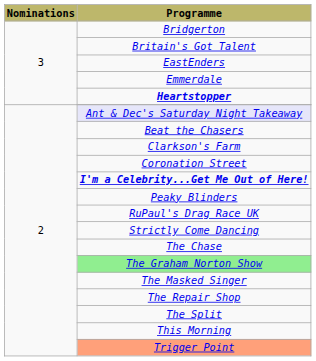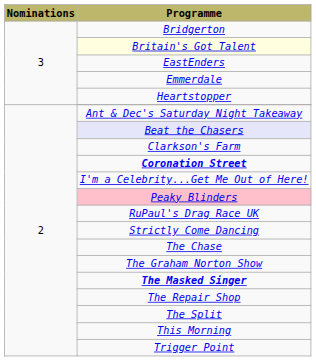 <table class="wikitable" style="text-align:center;">
 <tr>
 <th style="background:#BDB76B;">Nominations</th>
 <th style="background:#BDB76B;">Programme</th>
 </tr>
 <tr>
 <td rowspan="5">3</td>
 <td><em><a href='#'>Bridgerton</a></em></td>
 </tr>
 <tr>
-<td><em><a href='#'>Britain's Got Talent</a></em></td>
+<td style="background: lightyellow;"><em><a href='#'>Britain's Got Talent</a></em></td>
 </tr>
 <tr>
 <td><em><a href='#'>EastEnders</a></em></td>
 </tr>
 <tr>
 <td><em><a href='#'>Emmerdale</a></em></td>
 </tr>
 <tr>
-<td><strong><em><a href='#'>Heartstopper</a></em></strong></td>
+<td><em><a href='#'>Heartstopper</a></em></td>
 </tr>
 <tr>
 <td rowspan="16">2</td>
 </tr>
 <tr>
-<td style="background: lavender;"><em><a href='#'>Ant & Dec's Saturday Night Takeaway</a></em></td>
+<td><em><a href='#'>Ant & Dec's Saturday Night Takeaway</a></em></td>
 </tr>
 <tr>
-<td><em><a href='#'>Beat the Chasers</a></em></td>
+<td style="background: lavender;"><em><a href='#'>Beat the Chasers</a></em></td>
 </tr>
 <tr>
 <td><em><a href='#'>Clarkson's Farm</a></em></td>
 </tr>
 <tr>
-<td><em><a href='#'>Coronation Street</a></em></td>
+<td><strong><em><a href='#'>Coronation Street</a></em></strong></td>
 </tr>
 <tr>
-<td><strong><em><a href='#'>I'm a Celebrity...Get Me Out of Here!</a></em></strong></td>
+<td><em><a href='#'>I'm a Celebrity...Get Me Out of Here!</a></em></td>
 </tr>
 <tr>
-<td><em><a href='#'>Peaky Blinders</a></em></td>
+<td style="background: pink;"><em><a href='#'>Peaky Blinders</a></em></td>
 </tr>
 <tr>
 <td><em><a href='#'>RuPaul's Drag Race UK</a></em></td>
 </tr>
 <tr>
 <td><em><a href='#'>Strictly Come Dancing</a></em></td>
 </tr>
 <tr>
 <td><em><a href='#'>The Chase</a></em></td>
 </tr>
 <tr>
-<td style="background: lightgreen;"><em><a href='#'>The Graham Norton Show</a></em></td>
+<td><em><a href='#'>The Graham Norton Show</a></em></td>
 </tr>
 <tr>
-<td><em><a href='#'>The Masked Singer</a></em></td>
+<td><strong><em><a href='#'>The Masked Singer</a></em></strong></td>
 </tr>
 <tr>
 <td><em><a href='#'>The Repair Shop</a></em></td>
 </tr>
 <tr>
 <td><em><a href='#'>The Split</a></em></td>
 </tr>
 <tr>
 <td><em><a href='#'>This Morning</a></em></td>
 </tr>
 <tr>
-<td style="background: lightsalmon;"><em><a href='#'>Trigger Point</a></em></td>
+<td><em><a href='#'>Trigger Point</a></em></td>
 </tr>
 </table>
